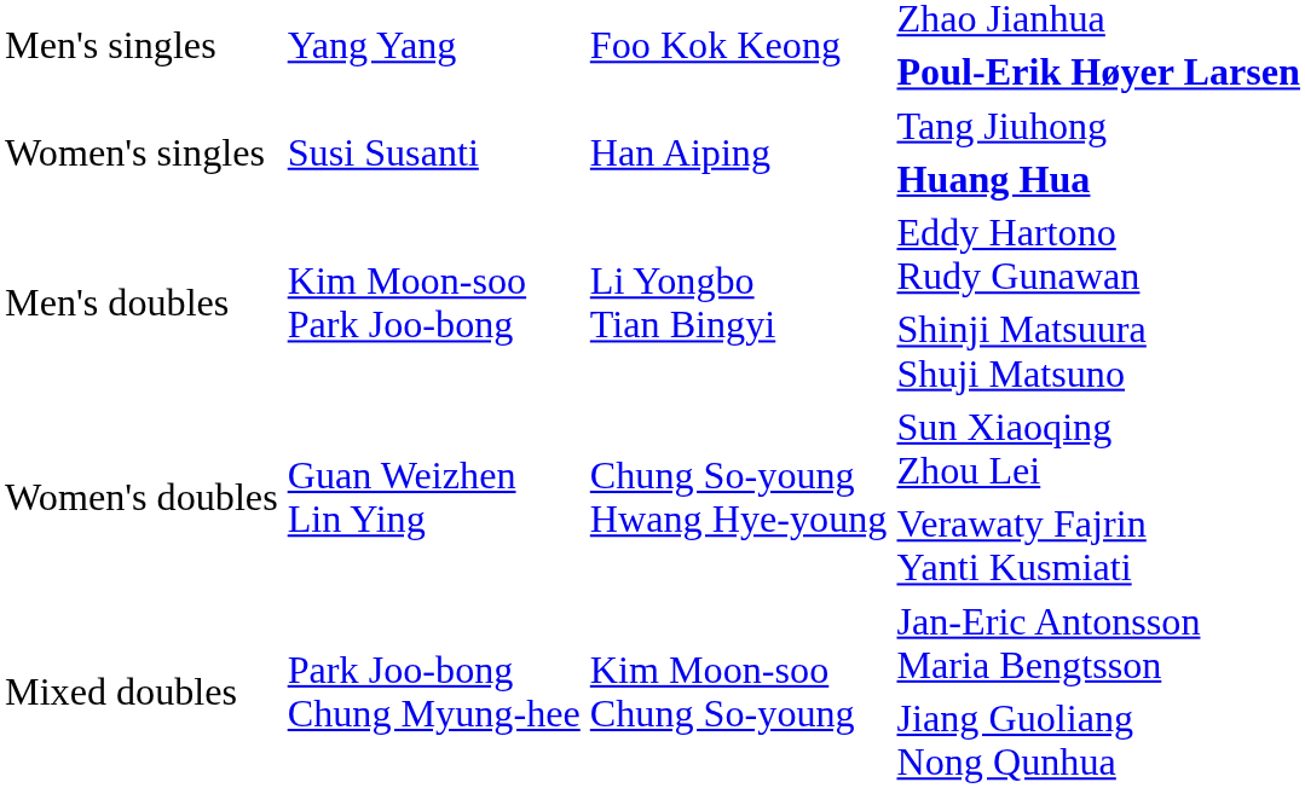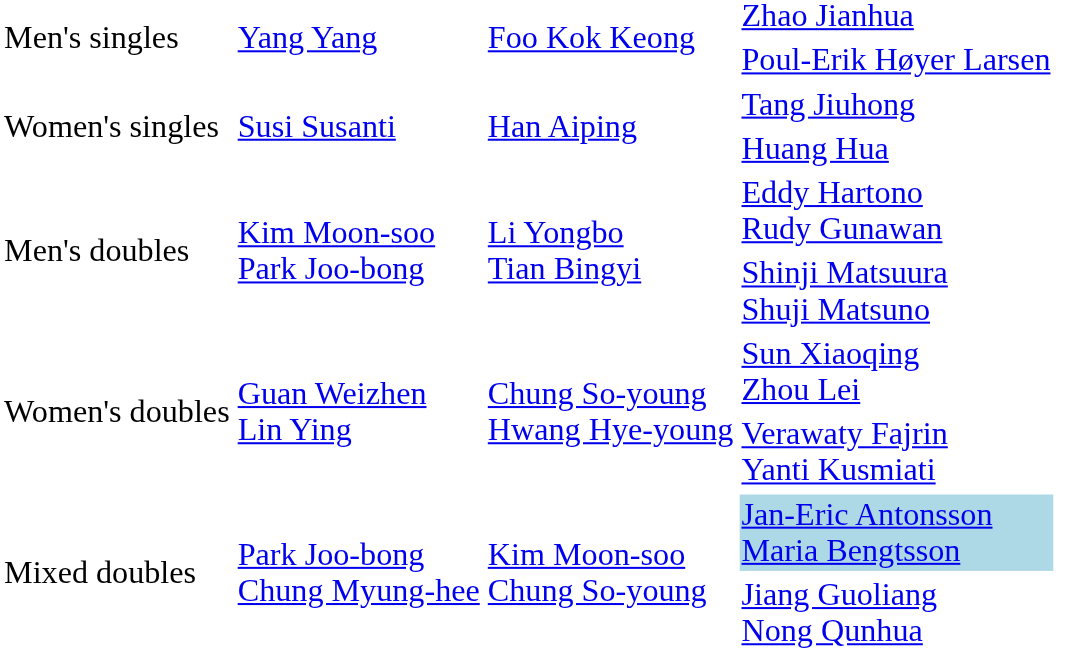 <table>
 <tr>
 <td rowspan=2>Men's singles</td>
 <td rowspan=2> <a href='#'>Yang Yang</a></td>
 <td rowspan=2> <a href='#'>Foo Kok Keong</a></td>
 <td> <a href='#'>Zhao Jianhua</a></td>
 </tr>
 <tr>
-<td><strong> <a href='#'>Poul-Erik Høyer Larsen</a></strong></td>
+<td> <a href='#'>Poul-Erik Høyer Larsen</a></td>
 </tr>
 <tr>
 <td rowspan=2>Women's singles</td>
 <td rowspan=2> <a href='#'>Susi Susanti</a></td>
 <td rowspan=2> <a href='#'>Han Aiping</a></td>
 <td> <a href='#'>Tang Jiuhong</a></td>
 </tr>
 <tr>
-<td><strong> <a href='#'>Huang Hua</a></strong></td>
+<td> <a href='#'>Huang Hua</a></td>
 </tr>
 <tr>
 <td rowspan=2>Men's doubles</td>
 <td rowspan=2> <a href='#'>Kim Moon-soo</a> <br>  <a href='#'>Park Joo-bong</a></td>
 <td rowspan=2> <a href='#'>Li Yongbo</a> <br>  <a href='#'>Tian Bingyi</a></td>
 <td> <a href='#'>Eddy Hartono</a> <br>  <a href='#'>Rudy Gunawan</a></td>
 </tr>
 <tr>
 <td> <a href='#'>Shinji Matsuura</a> <br>  <a href='#'>Shuji Matsuno</a></td>
 </tr>
 <tr>
 <td rowspan=2>Women's doubles</td>
 <td rowspan=2> <a href='#'>Guan Weizhen</a> <br>  <a href='#'>Lin Ying</a></td>
 <td rowspan=2> <a href='#'>Chung So-young</a> <br>  <a href='#'>Hwang Hye-young</a></td>
 <td> <a href='#'>Sun Xiaoqing</a> <br>  <a href='#'>Zhou Lei</a></td>
 </tr>
 <tr>
 <td> <a href='#'>Verawaty Fajrin</a> <br>  <a href='#'>Yanti Kusmiati</a></td>
 </tr>
 <tr>
 <td rowspan=2>Mixed doubles</td>
 <td rowspan=2> <a href='#'>Park Joo-bong</a><br>  <a href='#'>Chung Myung-hee</a></td>
 <td rowspan=2> <a href='#'>Kim Moon-soo</a> <br>  <a href='#'>Chung So-young</a></td>
-<td> <a href='#'>Jan-Eric Antonsson</a> <br>  <a href='#'>Maria Bengtsson</a></td>
+<td style="background: lightblue;"> <a href='#'>Jan-Eric Antonsson</a> <br>  <a href='#'>Maria Bengtsson</a></td>
 </tr>
 <tr>
 <td> <a href='#'>Jiang Guoliang</a> <br>  <a href='#'>Nong Qunhua</a></td>
 </tr>
 </table>
